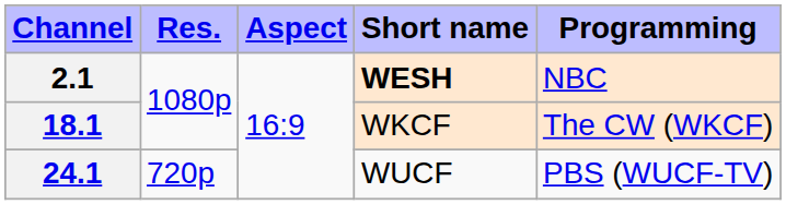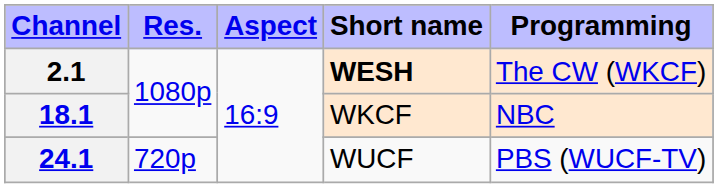 <table class="wikitable">
 <tr>
 <th style="background-color: #bdbdff" scope = "col"><a href='#'>Channel</a></th>
 <th style="background-color: #bdbdff" scope = "col"><a href='#'>Res.</a></th>
 <th style="background-color: #bdbdff" scope = "col"><a href='#'>Aspect</a></th>
 <th style="background-color: #bdbdff" scope = "col">Short name</th>
 <th style="background-color: #bdbdff" scope = "col">Programming</th>
 </tr>
 <tr>
 <th scope = "row">2.1</th>
 <td rowspan=2><a href='#'>1080p</a></td>
 <td rowspan=3><a href='#'>16:9</a></td>
 <td style="background-color:#ffe8d0"><strong>WESH</strong></td>
-<td style="background-color:#ffe8d0"><a href='#'>NBC</a> </td>
+<td style="background-color:#ffe8d0"><a href='#'>The CW</a> (<a href='#'>WKCF</a>) </td>
 </tr>
 <tr>
 <th scope = "row"><a href='#'>18.1</a></th>
 <td style="background-color:#ffe8d0">WKCF</td>
-<td style="background-color:#ffe8d0"><a href='#'>The CW</a> (<a href='#'>WKCF</a>) </td>
+<td style="background-color:#ffe8d0"><a href='#'>NBC</a> </td>
 </tr>
 <tr>
 <th scope = "row"><a href='#'>24.1</a></th>
 <td><a href='#'>720p</a></td>
 <td>WUCF</td>
 <td><a href='#'>PBS</a> (<a href='#'>WUCF-TV</a>)</td>
 </tr>
 </table>
